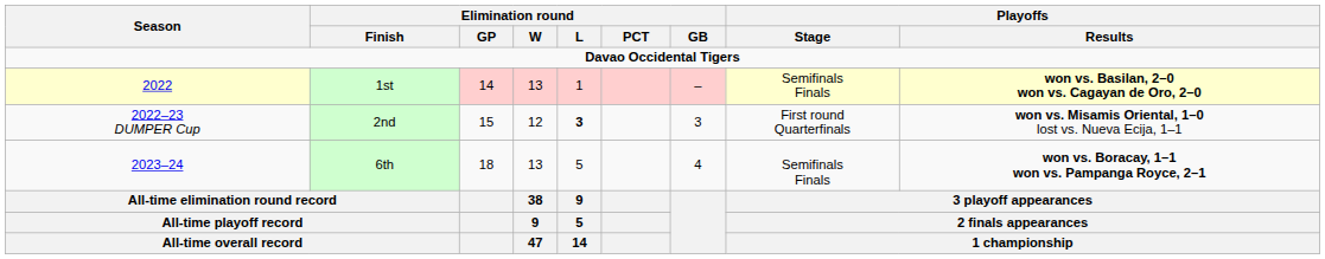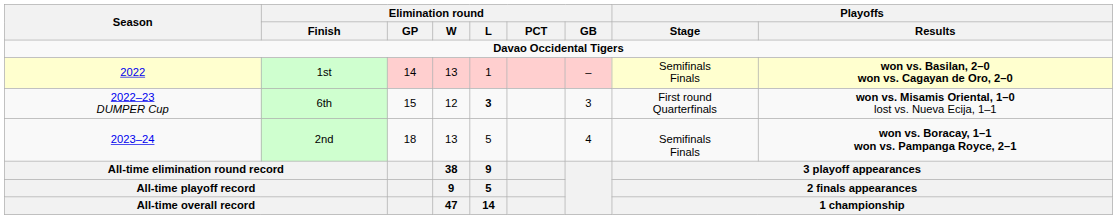 <table class=wikitable style="width:100%; text-align:center">
 <tr>
 <th rowspan="2">Season</th>
 <th colspan="6">Elimination round</th>
 <th colspan="2">Playoffs</th>
 </tr>
 <tr>
 <th>Finish</th>
 <th>GP</th>
 <th>W</th>
 <th>L</th>
 <th>PCT</th>
 <th>GB</th>
 <th>Stage</th>
 <th>Results</th>
 </tr>
 <tr>
 <td colspan=10><span><strong>Davao Occidental Tigers</strong></span></td>
 </tr>
 <tr>
 <td bgcolor="#FFFFCF"><a href='#'>2022</a> <br> </td>
 <td bgcolor="#CFFFCF">1st</td>
 <td bgcolor="#FFCFCF">14</td>
 <td bgcolor="#FFCFCF">13</td>
 <td bgcolor="#FFCFCF">1</td>
 <td bgcolor="#FFCFCF"></td>
 <td bgcolor="#FFCFCF">–</td>
 <td bgcolor="#FFFFCF">Semifinals <br> Finals</td>
 <td bgcolor="#FFFFCF"><strong>won vs. Basilan, 2–0</strong> <br> <strong>won vs. Cagayan de Oro, 2–0</strong></td>
 </tr>
 <tr>
 <td><a href='#'>2022–23</a> <br> <em>DUMPER Cup</em></td>
-<td bgcolor="#CFFFCF">2nd</td>
+<td bgcolor="#CFFFCF">6th</td>
 <td>15</td>
 <td>12</td>
 <td><strong>3</strong></td>
 <td></td>
 <td>3</td>
 <td>First round <br> Quarterfinals</td>
 <td><strong>won vs. Misamis Oriental, 1–0</strong> <br> lost vs. Nueva Ecija, 1–1</td>
 </tr>
 <tr>
 <td><a href='#'>2023–24</a> <br> </td>
-<td bgcolor="#CFFFCF">6th</td>
+<td bgcolor="#CFFFCF">2nd</td>
 <td>18</td>
 <td>13</td>
 <td>5</td>
 <td></td>
 <td>4</td>
 <td> <br> Semifinals <br> Finals</td>
 <td><strong>won vs. Boracay, 1–1</strong> <br> <strong>won vs. Pampanga Royce, 2–1</strong> <br> </td>
 </tr>
 <tr>
 <th colspan=2>All-time elimination round record</th>
 <th></th>
 <th>38</th>
 <th>9</th>
 <th></th>
 <th rowspan=3></th>
 <th colspan=2>3 playoff appearances</th>
 </tr>
 <tr>
 <th colspan=2>All-time playoff record</th>
 <th></th>
 <th>9</th>
 <th>5</th>
 <th></th>
 <th colspan=2>2 finals appearances</th>
 </tr>
 <tr>
 <th colspan=2>All-time overall record</th>
 <th></th>
 <th>47</th>
 <th>14</th>
 <th></th>
 <th colspan=2>1 championship</th>
 </tr>
 </table>
